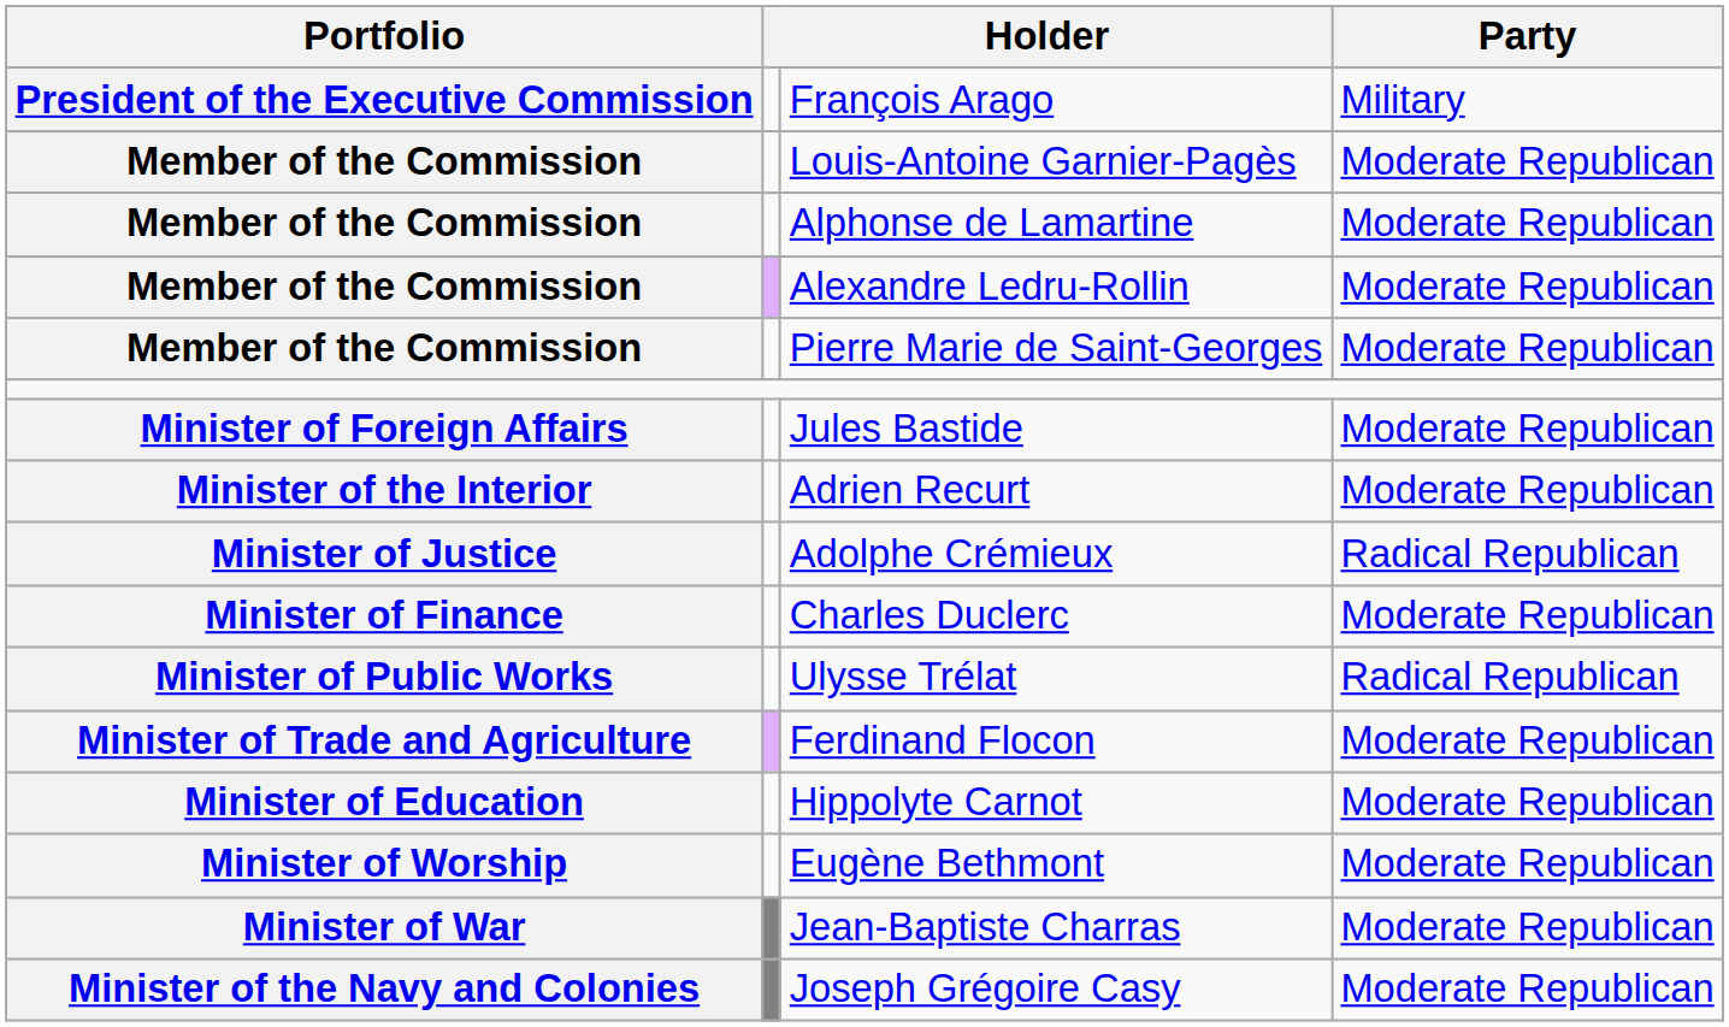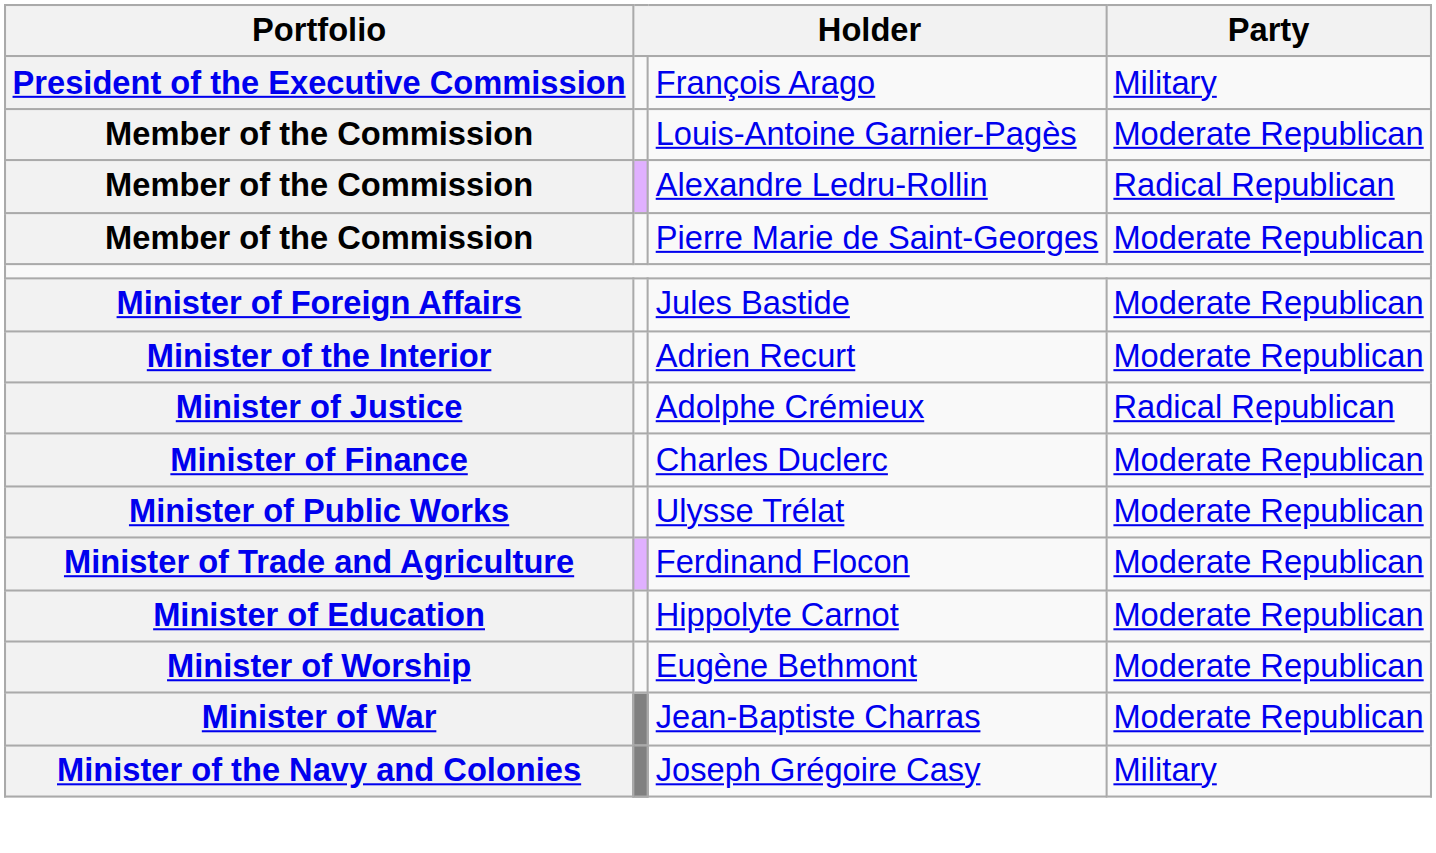 <table class="wikitable">
 <tr>
 <th>Portfolio</th>
 <th colspan=2>Holder</th>
 <th>Party</th>
 </tr>
 <tr>
 <th><a href='#'>President of the Executive Commission</a></th>
 <td style="background:"></td>
 <td><a href='#'>François Arago</a></td>
 <td><a href='#'>Military</a></td>
 </tr>
 <tr>
 <th>Member of the Commission</th>
 <td style="background:"></td>
 <td><a href='#'>Louis-Antoine Garnier-Pagès</a></td>
 <td><a href='#'>Moderate Republican</a></td>
 </tr>
 <tr>
 <th>Member of the Commission</th>
-<td style="background:"></td>
-<td><a href='#'>Alphonse de Lamartine</a></td>
-<td><a href='#'>Moderate Republican</a></td>
-</tr>
-<tr>
-<th>Member of the Commission</th>
 <td style="background:#E0B0FF;"></td>
 <td><a href='#'>Alexandre Ledru-Rollin</a></td>
-<td><a href='#'>Moderate Republican</a></td>
+<td><a href='#'>Radical Republican</a></td>
 </tr>
 <tr>
 <th>Member of the Commission</th>
 <td style="background:"></td>
 <td><a href='#'>Pierre Marie de Saint-Georges</a></td>
 <td><a href='#'>Moderate Republican</a></td>
 </tr>
 <tr>
 <td colspan=4></td>
 </tr>
 <tr>
 <th><a href='#'>Minister of Foreign Affairs</a></th>
 <td style="background:"></td>
 <td><a href='#'>Jules Bastide</a></td>
 <td><a href='#'>Moderate Republican</a></td>
 </tr>
 <tr>
 <th><a href='#'>Minister of the Interior</a></th>
 <td style="background:"></td>
 <td><a href='#'>Adrien Recurt</a></td>
 <td><a href='#'>Moderate Republican</a></td>
 </tr>
 <tr>
 <th><a href='#'>Minister of Justice</a></th>
 <td style="background:"></td>
 <td><a href='#'>Adolphe Crémieux</a></td>
 <td><a href='#'>Radical Republican</a></td>
 </tr>
 <tr>
 <th><a href='#'>Minister of Finance</a></th>
 <td style="background:"></td>
 <td><a href='#'>Charles Duclerc</a></td>
 <td><a href='#'>Moderate Republican</a></td>
 </tr>
 <tr>
 <th><a href='#'>Minister of Public Works</a></th>
 <td style="background:"></td>
 <td><a href='#'>Ulysse Trélat</a></td>
-<td><a href='#'>Radical Republican</a></td>
+<td><a href='#'>Moderate Republican</a></td>
 </tr>
 <tr>
 <th><a href='#'>Minister of Trade and Agriculture</a></th>
 <td style="background:#E0B0FF;"></td>
 <td><a href='#'>Ferdinand Flocon</a></td>
 <td><a href='#'>Moderate Republican</a></td>
 </tr>
 <tr>
 <th><a href='#'>Minister of Education</a></th>
 <td style="background:"></td>
 <td><a href='#'>Hippolyte Carnot</a></td>
 <td><a href='#'>Moderate Republican</a></td>
 </tr>
 <tr>
 <th><a href='#'>Minister of Worship</a></th>
 <td style="background:"></td>
 <td><a href='#'>Eugène Bethmont</a></td>
 <td><a href='#'>Moderate Republican</a></td>
 </tr>
 <tr>
 <th><a href='#'>Minister of War</a></th>
 <td style="background:#808080;"></td>
 <td><a href='#'>Jean-Baptiste Charras</a></td>
 <td><a href='#'>Moderate Republican</a></td>
 </tr>
 <tr>
 <th><a href='#'>Minister of the Navy and Colonies</a></th>
 <td style="background:#808080;"></td>
 <td><a href='#'>Joseph Grégoire Casy</a></td>
-<td><a href='#'>Moderate Republican</a></td>
+<td><a href='#'>Military</a></td>
 </tr>
 </table>
